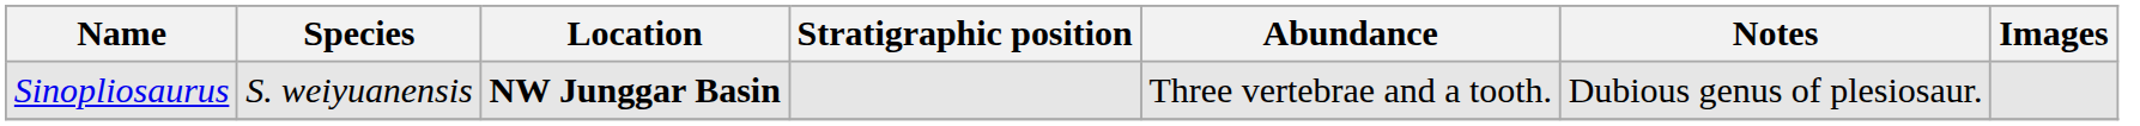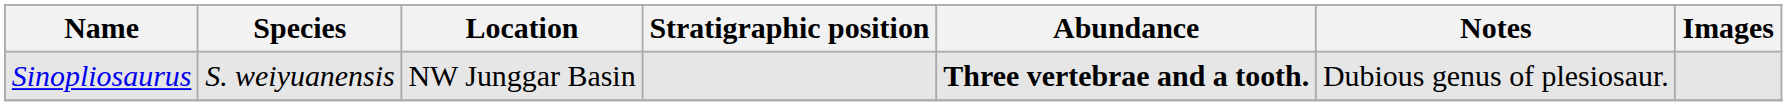 <table class="wikitable" align="center">
 <tr>
 <th>Name</th>
 <th>Species</th>
 <th>Location</th>
 <th>Stratigraphic position</th>
 <th>Abundance</th>
 <th>Notes</th>
 <th>Images</th>
 </tr>
 <tr>
 <td style="background:#E6E6E6;"><em><a href='#'>Sinopliosaurus</a></em></td>
 <td style="background:#E6E6E6;"><em>S. weiyuanensis</em></td>
-<td style="background:#E6E6E6;"><strong>NW Junggar Basin</strong></td>
+<td style="background:#E6E6E6;">NW Junggar Basin</td>
 <td style="background:#E6E6E6;"></td>
-<td style="background:#E6E6E6;">Three vertebrae and a tooth.</td>
+<td style="background:#E6E6E6;"><strong>Three vertebrae and a tooth.</strong></td>
 <td style="background:#E6E6E6;">Dubious genus of plesiosaur.</td>
 <td style="background:#E6E6E6;"></td>
 </tr>
 <tr>
 </tr>
 </table>
